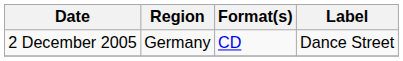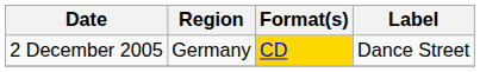 <table class="wikitable">
 <tr>
 <th align="center">Date</th>
 <th align="center">Region</th>
 <th align="center">Format(s)</th>
 <th align="center">Label</th>
 </tr>
 <tr>
 <td align="left">2 December 2005</td>
 <td align="left">Germany</td>
-<td align="left"><a href='#'>CD</a></td>
+<td align="left" style="background: gold;"><a href='#'>CD</a></td>
 <td align="left">Dance Street</td>
 </tr>
 <tr>
 </tr>
 </table>
